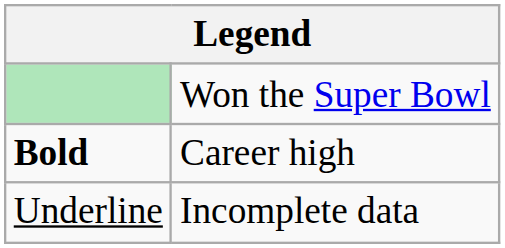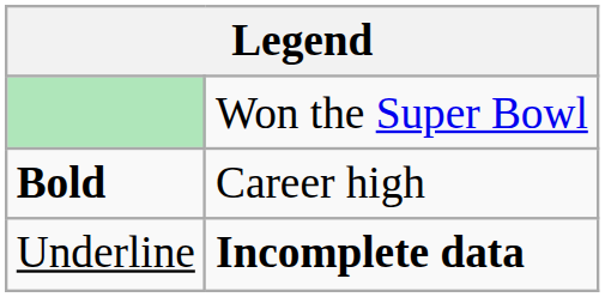 <table class="wikitable">
 <tr>
 <th colspan="2">Legend</th>
 </tr>
 <tr>
 <td style="background:#afe6ba;"></td>
 <td>Won the <a href='#'>Super Bowl</a></td>
 </tr>
 <tr>
 <td><strong>Bold</strong></td>
 <td>Career high</td>
 </tr>
 <tr>
 <td><u>Underline</u></td>
-<td>Incomplete data</td>
+<td><strong>Incomplete data</strong></td>
 </tr>
 </table>
